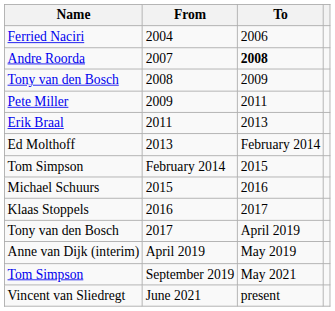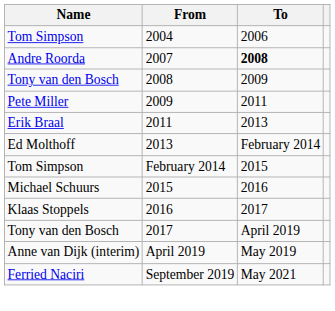 <table class="wikitable">
 <tr>
 <th>Name</th>
 <th>From</th>
 <th>To</th>
 <th></th>
 </tr>
 <tr>
-<td> <a href='#'>Ferried Naciri</a></td>
+<td> <a href='#'>Tom Simpson</a></td>
 <td>2004</td>
 <td>2006</td>
 <td></td>
 </tr>
 <tr>
 <td> <a href='#'>Andre Roorda</a></td>
 <td>2007</td>
 <td><strong>2008</strong></td>
 <td></td>
 </tr>
 <tr>
 <td> <a href='#'>Tony van den Bosch</a></td>
 <td>2008</td>
 <td>2009</td>
 <td></td>
 </tr>
 <tr>
 <td> <a href='#'>Pete Miller</a></td>
 <td>2009</td>
 <td>2011</td>
 <td></td>
 </tr>
 <tr>
 <td> <a href='#'>Erik Braal</a></td>
 <td>2011</td>
 <td>2013</td>
 <td></td>
 </tr>
 <tr>
 <td> Ed Molthoff</td>
 <td>2013</td>
 <td>February 2014</td>
 <td></td>
 </tr>
 <tr>
 <td> Tom Simpson</td>
 <td>February 2014</td>
 <td>2015</td>
 <td></td>
 </tr>
 <tr>
 <td> Michael Schuurs</td>
 <td>2015</td>
 <td>2016</td>
 <td></td>
 </tr>
 <tr>
 <td> Klaas Stoppels</td>
 <td>2016</td>
 <td>2017</td>
 <td></td>
 </tr>
 <tr>
 <td> Tony van den Bosch</td>
 <td>2017</td>
 <td>April 2019</td>
 <td align=center></td>
 </tr>
 <tr>
 <td> Anne van Dijk (interim)</td>
 <td>April 2019</td>
 <td>May 2019</td>
 <td align=center></td>
 </tr>
 <tr>
-<td> <a href='#'>Tom Simpson</a></td>
+<td> <a href='#'>Ferried Naciri</a></td>
 <td>September 2019</td>
 <td>May 2021</td>
 <td align=center></td>
 </tr>
-<tr>
-<td> Vincent van Sliedregt</td>
-<td>June 2021</td>
-<td>present</td>
-<td align=center></td>
-</tr>
 </table>
